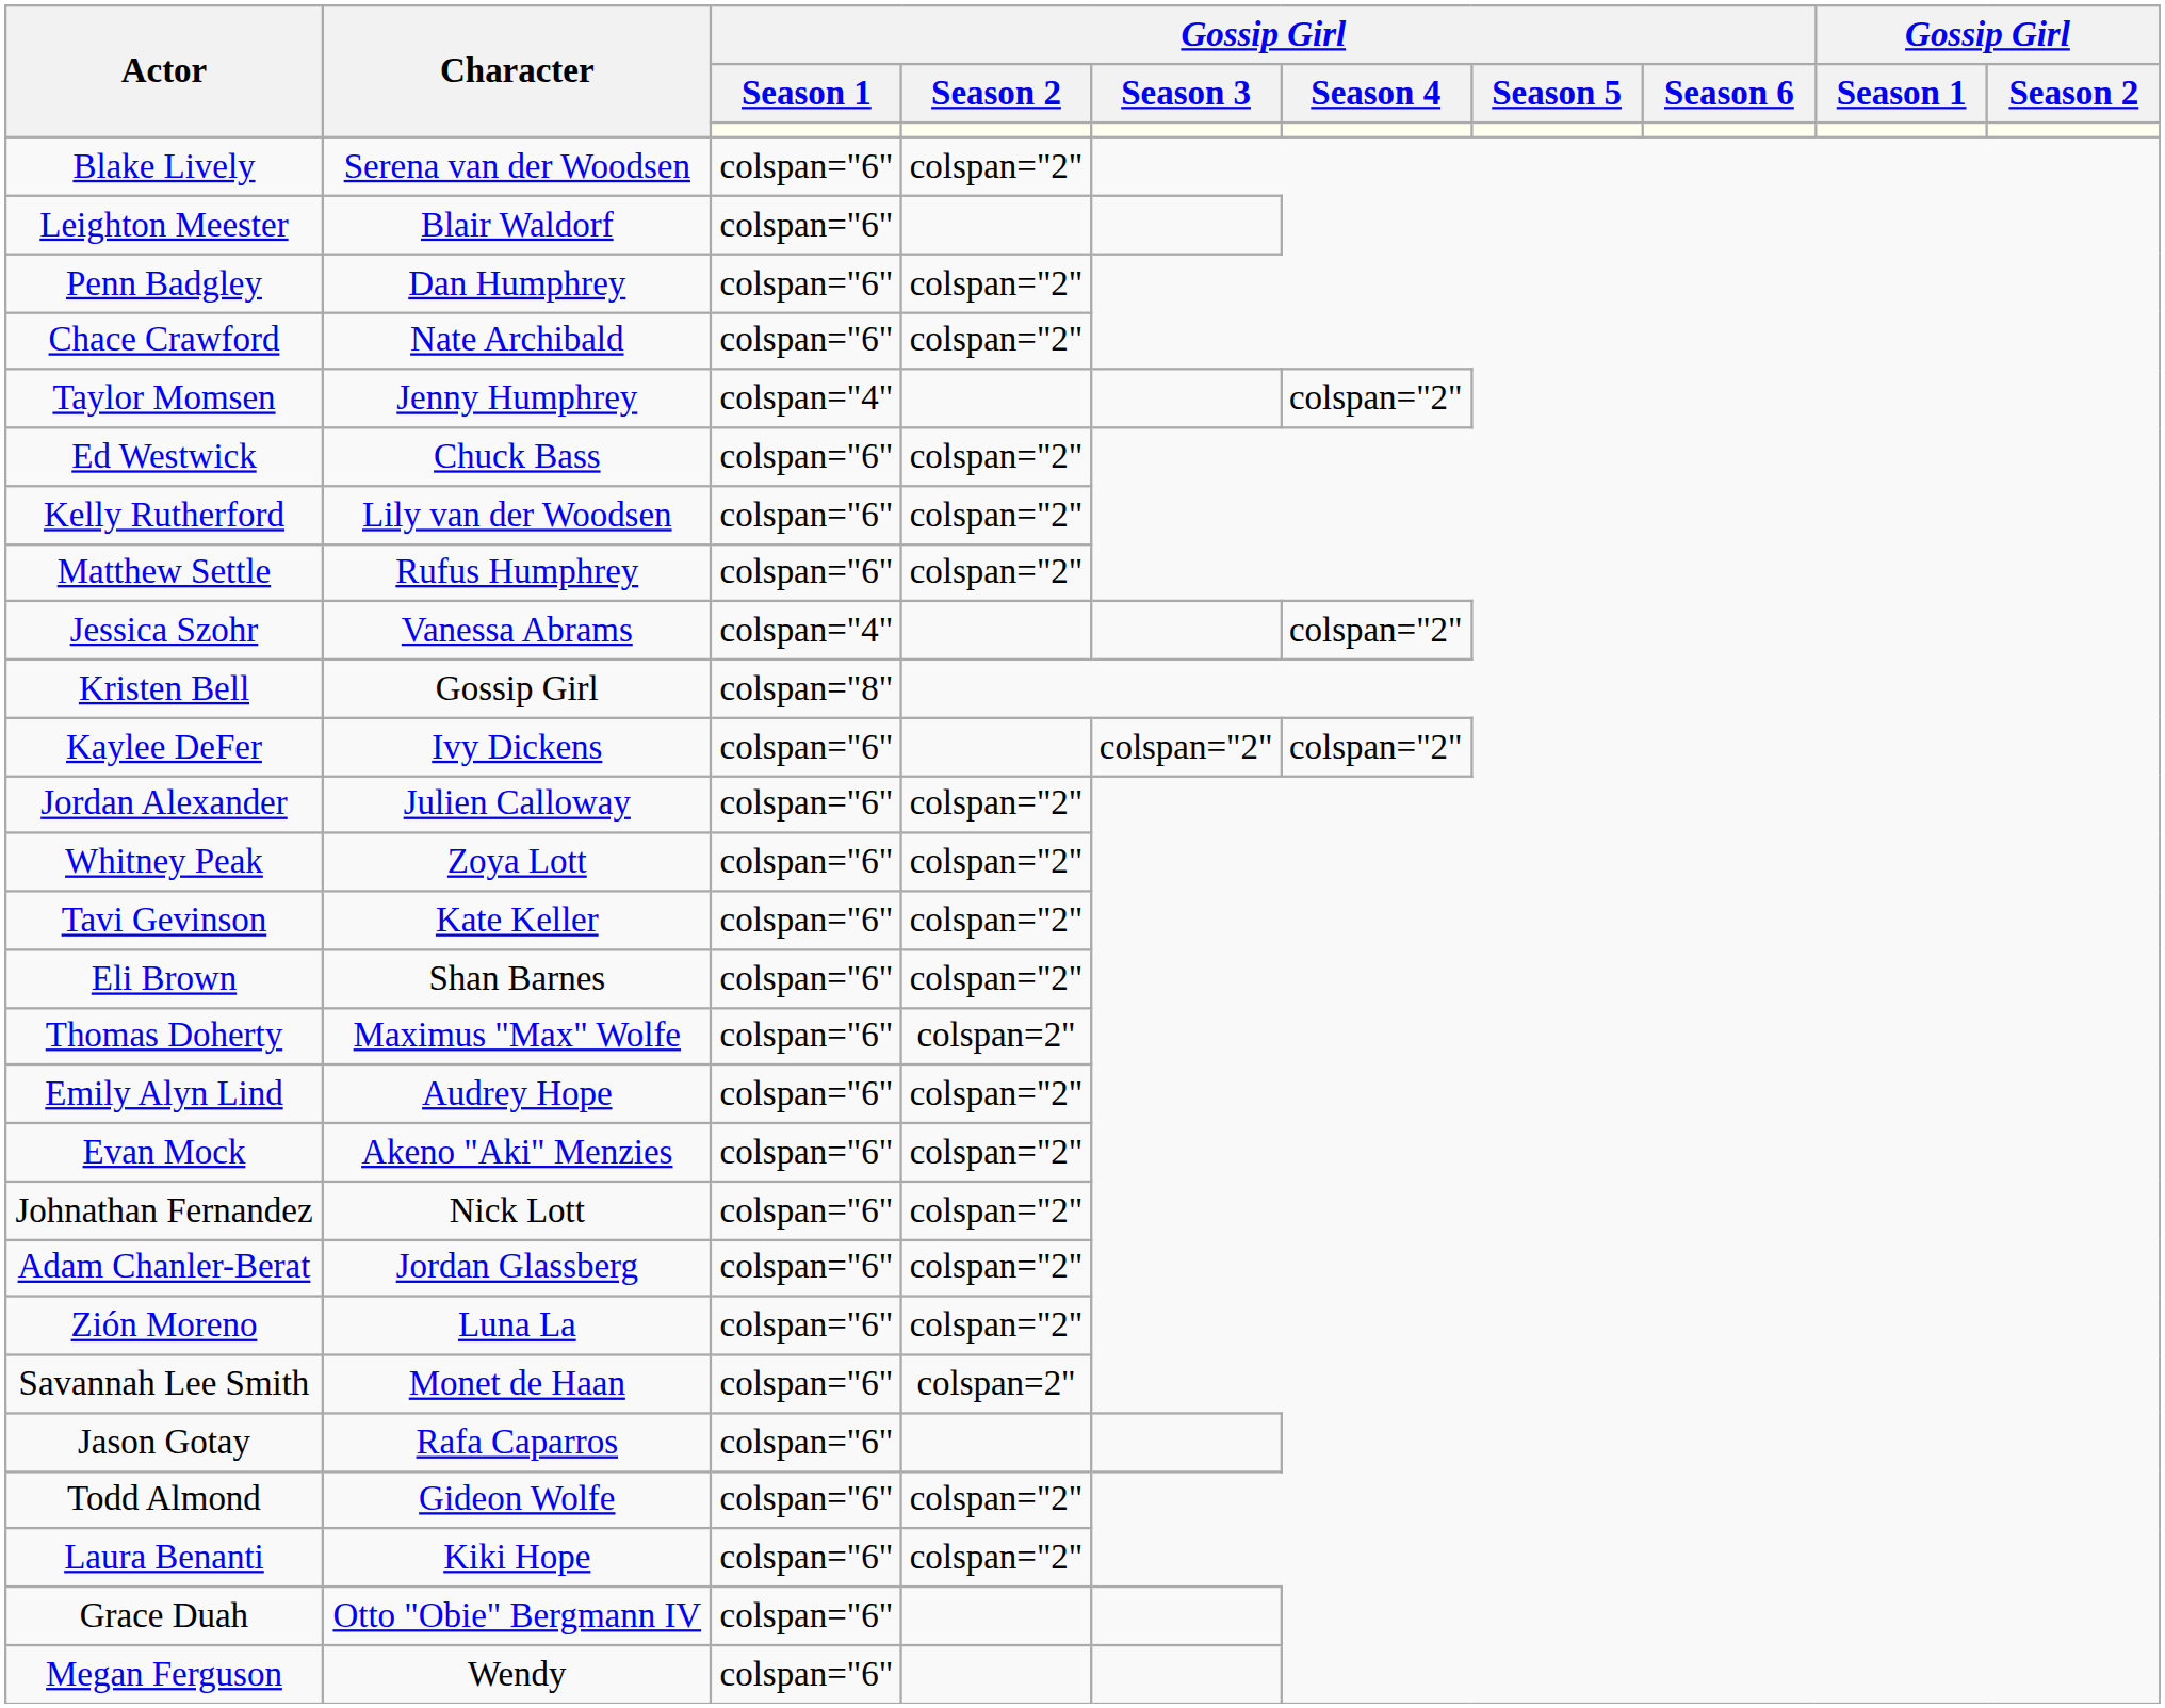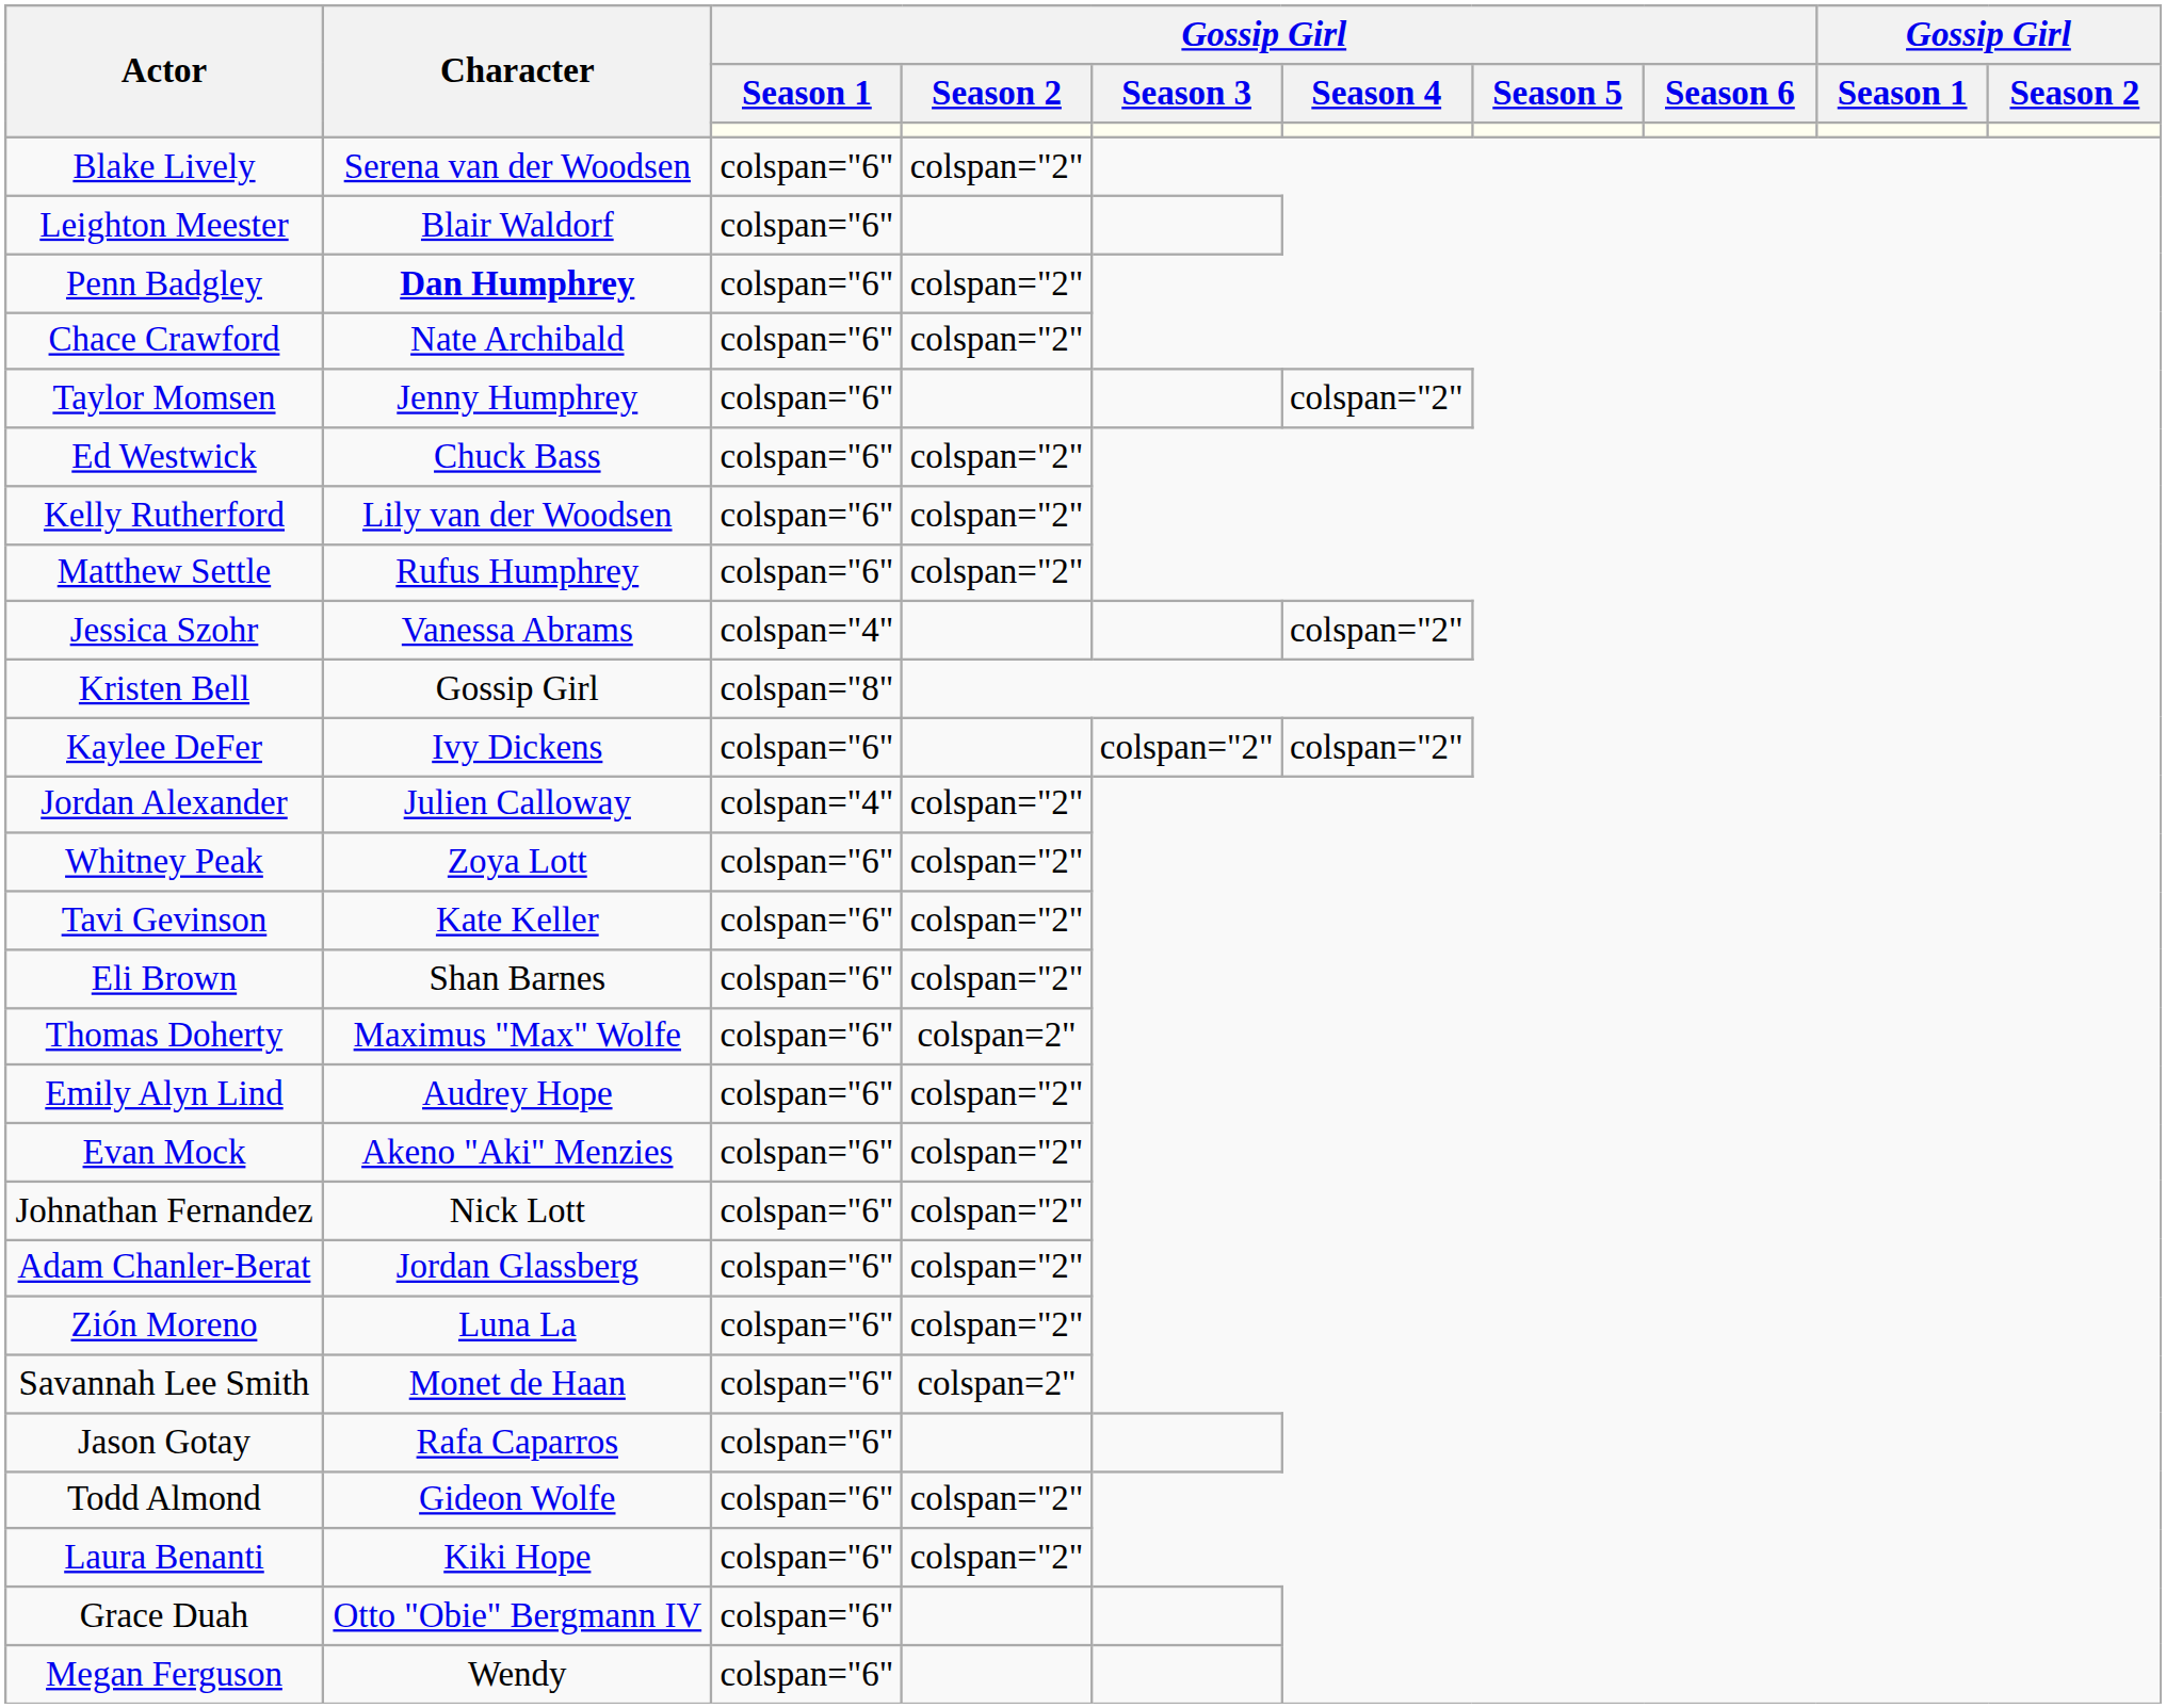 <table class="wikitable plainrowheaders" style="text-align:center; font-size:90%; width:100%">
 <tr>
 <th rowspan="3">Actor</th>
 <th rowspan="3">Character</th>
 <th colspan="6"><em><a href='#'>Gossip Girl</a></em> </th>
 <th colspan="2"><a href='#'><em>Gossip Girl</em></a> </th>
 </tr>
 <tr>
 <th style="width:8%;"><a href='#'>Season 1</a></th>
 <th style="width:8%;"><a href='#'>Season 2</a></th>
 <th style="width:8%;"><a href='#'>Season 3</a></th>
 <th style="width:8%;"><a href='#'>Season 4</a></th>
 <th style="width:8%;"><a href='#'>Season 5</a></th>
 <th style="width:8%;"><a href='#'>Season 6</a></th>
 <th style="width:8%;"><a href='#'>Season 1</a></th>
 <th style="width:8%;"><a href='#'>Season 2</a></th>
 </tr>
 <tr>
 <th style="background:ivory;"></th>
 <th style="background:ivory;"></th>
 <th style="background:ivory;"></th>
 <th style="background:ivory;"></th>
 <th style="background:ivory;"></th>
 <th style="background:ivory;"></th>
 <th style="background:ivory;"></th>
 <th style="background:ivory;"></th>
 </tr>
 <tr>
 <td><a href='#'>Blake Lively</a></td>
 <td><a href='#'>Serena van der Woodsen</a></td>
 <td>colspan="6" </td>
 <td>colspan="2" </td>
 </tr>
 <tr>
 <td><a href='#'>Leighton Meester</a></td>
 <td><a href='#'>Blair Waldorf</a></td>
 <td>colspan="6" </td>
 <td></td>
 <td></td>
 </tr>
 <tr>
 <td><a href='#'>Penn Badgley</a></td>
-<td><a href='#'>Dan Humphrey</a></td>
+<td><strong><a href='#'>Dan Humphrey</a></strong></td>
 <td>colspan="6" </td>
 <td>colspan="2" </td>
 </tr>
 <tr>
 <td><a href='#'>Chace Crawford</a></td>
 <td><a href='#'>Nate Archibald</a></td>
 <td>colspan="6" </td>
 <td>colspan="2" </td>
 </tr>
 <tr>
 <td><a href='#'>Taylor Momsen</a></td>
 <td><a href='#'>Jenny Humphrey</a></td>
-<td>colspan="4" </td>
+<td>colspan="6" </td>
 <td></td>
 <td></td>
 <td>colspan="2" </td>
 </tr>
 <tr>
 <td><a href='#'>Ed Westwick</a></td>
 <td><a href='#'>Chuck Bass</a></td>
 <td>colspan="6" </td>
 <td>colspan="2" </td>
 </tr>
 <tr>
 <td><a href='#'>Kelly Rutherford</a></td>
 <td><a href='#'>Lily van der Woodsen</a></td>
 <td>colspan="6" </td>
 <td>colspan="2" </td>
 </tr>
 <tr>
 <td><a href='#'>Matthew Settle</a></td>
 <td><a href='#'>Rufus Humphrey</a></td>
 <td>colspan="6" </td>
 <td>colspan="2" </td>
 </tr>
 <tr>
 <td><a href='#'>Jessica Szohr</a></td>
 <td><a href='#'>Vanessa Abrams</a></td>
 <td>colspan="4" </td>
 <td></td>
 <td></td>
 <td>colspan="2" </td>
 </tr>
 <tr>
 <td><a href='#'>Kristen Bell</a></td>
 <td>Gossip Girl</td>
 <td>colspan="8" </td>
 </tr>
 <tr>
 <td><a href='#'>Kaylee DeFer</a></td>
 <td><a href='#'>Ivy Dickens</a></td>
 <td>colspan="6" </td>
 <td></td>
 <td>colspan="2" </td>
 <td>colspan="2" </td>
 </tr>
 <tr>
 <td><a href='#'>Jordan Alexander</a></td>
 <td><a href='#'>Julien Calloway</a></td>
-<td>colspan="6" </td>
+<td>colspan="4" </td>
 <td>colspan="2" </td>
 </tr>
 <tr>
 <td><a href='#'>Whitney Peak</a></td>
 <td><a href='#'>Zoya Lott</a></td>
 <td>colspan="6" </td>
 <td>colspan="2" </td>
 </tr>
 <tr>
 <td><a href='#'>Tavi Gevinson</a></td>
 <td><a href='#'>Kate Keller</a></td>
 <td>colspan="6" </td>
 <td>colspan="2" </td>
 </tr>
 <tr>
 <td><a href='#'>Eli Brown</a></td>
 <td>Shan Barnes</td>
 <td>colspan="6" </td>
 <td>colspan="2" </td>
 </tr>
 <tr>
 <td><a href='#'>Thomas Doherty</a></td>
 <td><a href='#'>Maximus "Max" Wolfe</a></td>
 <td>colspan="6" </td>
 <td>colspan=2" </td>
 </tr>
 <tr>
 <td><a href='#'>Emily Alyn Lind</a></td>
 <td><a href='#'>Audrey Hope</a></td>
 <td>colspan="6" </td>
 <td>colspan="2" </td>
 </tr>
 <tr>
 <td><a href='#'>Evan Mock</a></td>
 <td><a href='#'>Akeno "Aki" Menzies</a></td>
 <td>colspan="6" </td>
 <td>colspan="2" </td>
 </tr>
 <tr>
 <td>Johnathan Fernandez</td>
 <td>Nick Lott</td>
 <td>colspan="6" </td>
 <td>colspan="2" </td>
 </tr>
 <tr>
 <td><a href='#'>Adam Chanler-Berat</a></td>
 <td><a href='#'>Jordan Glassberg</a></td>
 <td>colspan="6" </td>
 <td>colspan="2" </td>
 </tr>
 <tr>
 <td><a href='#'>Zión Moreno</a></td>
 <td><a href='#'>Luna La</a></td>
 <td>colspan="6" </td>
 <td>colspan="2" </td>
 </tr>
 <tr>
 <td>Savannah Lee Smith</td>
 <td><a href='#'>Monet de Haan</a></td>
 <td>colspan="6" </td>
 <td>colspan=2" </td>
 </tr>
 <tr>
 <td>Jason Gotay</td>
 <td><a href='#'>Rafa Caparros</a></td>
 <td>colspan="6" </td>
 <td></td>
 <td></td>
 </tr>
 <tr>
 <td>Todd Almond</td>
 <td><a href='#'>Gideon Wolfe</a></td>
 <td>colspan="6" </td>
 <td>colspan="2" </td>
 </tr>
 <tr>
 <td><a href='#'>Laura Benanti</a></td>
 <td><a href='#'>Kiki Hope</a></td>
 <td>colspan="6" </td>
 <td>colspan="2" </td>
 </tr>
 <tr>
 <td>Grace Duah</td>
 <td><a href='#'>Otto "Obie" Bergmann IV</a></td>
 <td>colspan="6" </td>
 <td></td>
 <td></td>
 </tr>
 <tr>
 <td><a href='#'>Megan Ferguson</a></td>
 <td>Wendy</td>
 <td>colspan="6" </td>
 <td></td>
 <td></td>
 </tr>
 </table>
